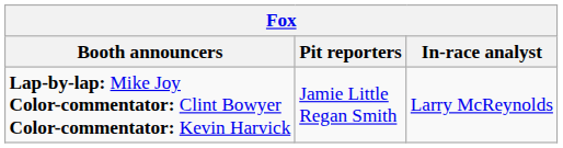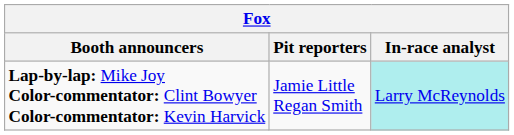 <table class="wikitable" style="font-size: 95%">
 <tr>
 <th colspan="3"><a href='#'>Fox</a></th>
 </tr>
 <tr>
 <th>Booth announcers</th>
 <th>Pit reporters</th>
 <th>In-race analyst</th>
 </tr>
 <tr>
 <td><strong>Lap-by-lap:</strong> <a href='#'>Mike Joy</a><br><strong>Color-commentator:</strong> <a href='#'>Clint Bowyer</a><br><strong>Color-commentator:</strong> <a href='#'>Kevin Harvick</a></td>
 <td><a href='#'>Jamie Little</a><br><a href='#'>Regan Smith</a></td>
-<td><a href='#'>Larry McReynolds</a></td>
+<td style="background: paleturquoise;"><a href='#'>Larry McReynolds</a></td>
 </tr>
 </table>
